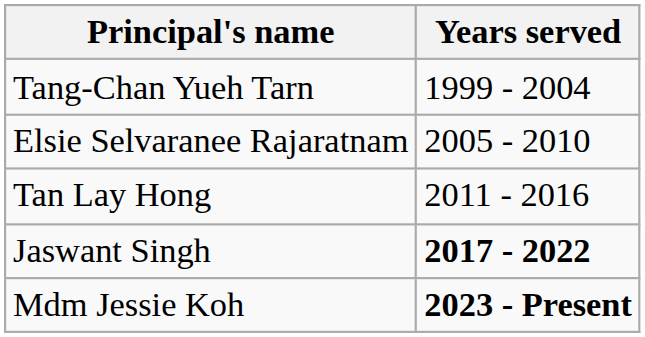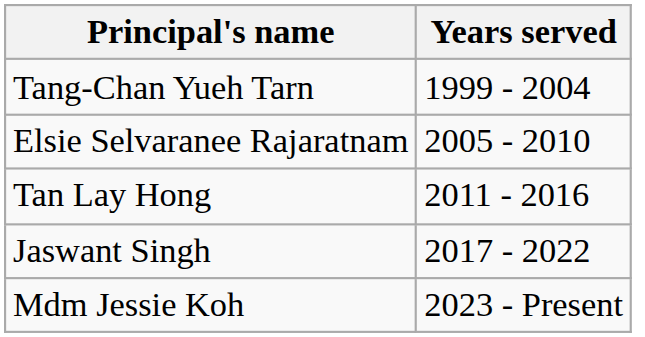 <table class="wikitable">
 <tr>
 <th>Principal's name</th>
 <th>Years served</th>
 </tr>
 <tr>
 <td>Tang-Chan Yueh Tarn</td>
 <td>1999 - 2004</td>
 </tr>
 <tr>
 <td>Elsie Selvaranee Rajaratnam</td>
 <td>2005 - 2010</td>
 </tr>
 <tr>
 <td>Tan Lay Hong</td>
 <td>2011 - 2016</td>
 </tr>
 <tr>
 <td>Jaswant Singh</td>
-<td><strong>2017 - 2022</strong></td>
+<td>2017 - 2022</td>
 </tr>
 <tr>
 <td>Mdm Jessie Koh</td>
-<td><strong>2023 - Present</strong></td>
+<td>2023 - Present</td>
 </tr>
 </table>
